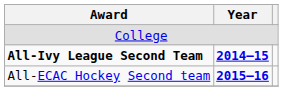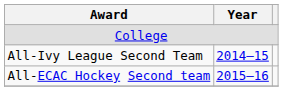 <table class="wikitable">
 <tr>
 <th>Award</th>
 <th>Year</th>
 <th></th>
 </tr>
 <tr ALIGN="center" bgcolor="#e0e0e0">
 <td colspan="3"><a href='#'>College</a></td>
 </tr>
 <tr>
-<td><strong>All-Ivy League Second Team</strong></td>
-<td><strong><a href='#'>2014–15</a></strong></td>
+<td>All-Ivy League Second Team</td>
+<td><a href='#'>2014–15</a></td>
 <td></td>
 </tr>
 <tr>
 <td>All-<a href='#'>ECAC Hockey</a> <a href='#'>Second team</a></td>
-<td><strong><a href='#'>2015–16</a></strong></td>
+<td><a href='#'>2015–16</a></td>
 <td></td>
 </tr>
 <tr>
 </tr>
 </table>
